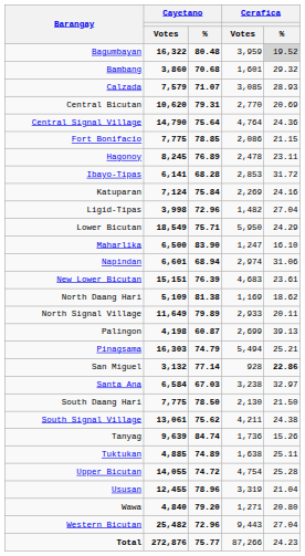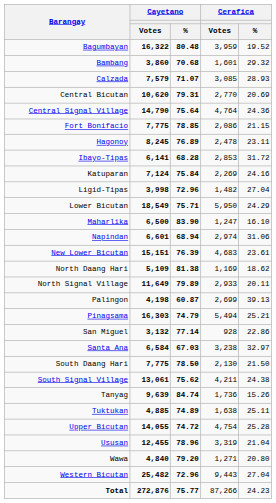 <table class="wikitable collapsible collapsed" style="text-align:right; font-size:95%; line-height:20px;">
 <tr>
 <th rowspan="3" width="200"><a href='#'>Barangay</a></th>
 <th colspan="2" width="110"><a href='#'>Cayetano</a></th>
 <th colspan="2" width="110"><a href='#'>Cerafica</a></th>
 </tr>
 <tr>
 <th colspan="2" style="background:"></th>
 <th colspan="2" style="background:"></th>
 </tr>
 <tr>
 <th>Votes</th>
 <th>%</th>
 <th>Votes</th>
 <th>%</th>
 </tr>
 <tr>
 <td><a href='#'>Bagumbayan</a></td>
 <td style="background:#"><strong>16,322</strong></td>
 <td style="background:#"><strong>80.48</strong></td>
 <td>3,959</td>
-<td style="background: lightgrey;">19.52</td>
+<td>19.52</td>
 </tr>
 <tr>
 <td><a href='#'>Bambang</a></td>
 <td style="background:#"><strong>3,860</strong></td>
 <td style="background:#"><strong>70.68</strong></td>
 <td>1,601</td>
 <td>29.32</td>
 </tr>
 <tr>
 <td><a href='#'>Calzada</a></td>
 <td style="background:#"><strong>7,579</strong></td>
 <td style="background:#"><strong>71.07</strong></td>
 <td>3,085</td>
 <td>28.93</td>
 </tr>
 <tr>
 <td>Central Bicutan</td>
 <td style="background:#"><strong>10,620</strong></td>
 <td style="background:#"><strong>79.31</strong></td>
 <td>2,770</td>
 <td>20.69</td>
 </tr>
 <tr>
 <td><a href='#'>Central Signal Village</a></td>
 <td style="background:#"><strong>14,790</strong></td>
 <td style="background:#"><strong>75.64</strong></td>
 <td>4,764</td>
 <td>24.36</td>
 </tr>
 <tr>
 <td><a href='#'>Fort Bonifacio</a></td>
 <td style="background:#"><strong>7,775</strong></td>
 <td style="background:#"><strong>78.85</strong></td>
 <td>2,086</td>
 <td>21.15</td>
 </tr>
 <tr>
 <td><a href='#'>Hagonoy</a></td>
 <td style="background:#"><strong>8,245</strong></td>
 <td style="background:#"><strong>76.89</strong></td>
 <td>2,478</td>
 <td>23.11</td>
 </tr>
 <tr>
 <td><a href='#'>Ibayo-Tipas</a></td>
 <td style="background:#"><strong>6,141</strong></td>
 <td style="background:#"><strong>68.28</strong></td>
 <td>2,853</td>
 <td>31.72</td>
 </tr>
 <tr>
 <td>Katuparan</td>
 <td style="background:#"><strong>7,124</strong></td>
 <td style="background:#"><strong>75.84</strong></td>
 <td>2,269</td>
 <td>24.16</td>
 </tr>
 <tr>
 <td>Ligid-Tipas</td>
 <td style="background:#"><strong>3,998</strong></td>
 <td style="background:#"><strong>72.96</strong></td>
 <td>1,482</td>
 <td>27.04</td>
 </tr>
 <tr>
 <td>Lower Bicutan</td>
 <td style="background:#"><strong>18,549</strong></td>
 <td style="background:#"><strong>75.71</strong></td>
 <td>5,950</td>
 <td>24.29</td>
 </tr>
 <tr>
 <td><a href='#'>Maharlika</a></td>
 <td style="background:#"><strong>6,500</strong></td>
 <td style="background:#"><strong>83.90</strong></td>
 <td>1,247</td>
 <td>16.10</td>
 </tr>
 <tr>
 <td><a href='#'>Napindan</a></td>
 <td style="background:#"><strong>6,601</strong></td>
 <td style="background:#"><strong>68.94</strong></td>
 <td>2,974</td>
 <td>31.06</td>
 </tr>
 <tr>
 <td><a href='#'>New Lower Bicutan</a></td>
 <td style="background:#"><strong>15,151</strong></td>
 <td style="background:#"><strong>76.39</strong></td>
 <td>4,683</td>
 <td>23.61</td>
 </tr>
 <tr>
 <td>North Daang Hari</td>
 <td style="background:#"><strong>5,109</strong></td>
 <td style="background:#"><strong>81.38</strong></td>
 <td>1,169</td>
 <td>18.62</td>
 </tr>
 <tr>
 <td>North Signal Village</td>
 <td style="background:#"><strong>11,649</strong></td>
 <td style="background:#"><strong>79.89</strong></td>
 <td>2,933</td>
 <td>20.11</td>
 </tr>
 <tr>
 <td>Palingon</td>
 <td style="background:#"><strong>4,198</strong></td>
 <td style="background:#"><strong>60.87</strong></td>
 <td>2,699</td>
 <td>39.13</td>
 </tr>
 <tr>
 <td><a href='#'>Pinagsama</a></td>
 <td style="background:#"><strong>16,303</strong></td>
 <td style="background:#"><strong>74.79</strong></td>
 <td>5,494</td>
 <td>25.21</td>
 </tr>
 <tr>
 <td>San Miguel</td>
 <td style="background:#"><strong>3,132</strong></td>
 <td style="background:#"><strong>77.14</strong></td>
 <td>928</td>
-<td><strong>22.86</strong></td>
+<td>22.86</td>
 </tr>
 <tr>
 <td><a href='#'>Santa Ana</a></td>
 <td style="background:#"><strong>6,584</strong></td>
 <td style="background:#"><strong>67.03</strong></td>
 <td>3,238</td>
 <td>32.97</td>
 </tr>
 <tr>
 <td>South Daang Hari</td>
 <td style="background:#"><strong>7,775</strong></td>
 <td style="background:#"><strong>78.50</strong></td>
 <td>2,130</td>
 <td>21.50</td>
 </tr>
 <tr>
 <td><a href='#'>South Signal Village</a></td>
 <td style="background:#"><strong>13,061</strong></td>
 <td style="background:#"><strong>75.62</strong></td>
 <td>4,211</td>
 <td>24.38</td>
 </tr>
 <tr>
 <td>Tanyag</td>
 <td style="background:#"><strong>9,639</strong></td>
 <td style="background:#"><strong>84.74</strong></td>
 <td>1,736</td>
 <td>15.26</td>
 </tr>
 <tr>
 <td><a href='#'>Tuktukan</a></td>
 <td style="background:#"><strong>4,885</strong></td>
 <td style="background:#"><strong>74.89</strong></td>
 <td>1,638</td>
 <td>25.11</td>
 </tr>
 <tr>
 <td><a href='#'>Upper Bicutan</a></td>
 <td style="background:#"><strong>14,055</strong></td>
 <td style="background:#"><strong>74.72</strong></td>
 <td>4,754</td>
 <td>25.28</td>
 </tr>
 <tr>
 <td><a href='#'>Ususan</a></td>
 <td style="background:#"><strong>12,455</strong></td>
 <td style="background:#"><strong>78.96</strong></td>
 <td>3,319</td>
 <td>21.04</td>
 </tr>
 <tr>
 <td>Wawa</td>
 <td style="background:#"><strong>4,840</strong></td>
 <td style="background:#"><strong>79.20</strong></td>
 <td>1,271</td>
 <td>20.80</td>
 </tr>
 <tr>
 <td><a href='#'>Western Bicutan</a></td>
 <td style="background:#"><strong>25,482</strong></td>
 <td style="background:#"><strong>72.96</strong></td>
 <td>9,443</td>
 <td>27.04</td>
 </tr>
 <tr>
 <td><strong>Total</strong></td>
 <td style="background:#"><strong>272,876</strong></td>
 <td style="background:#"><strong>75.77</strong></td>
 <td>87,266</td>
 <td>24.23</td>
 </tr>
 </table>
